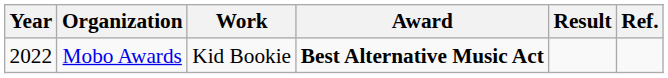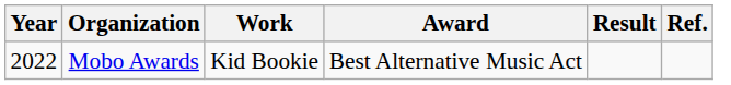 <table class="wikitable plainrowheaders" style="text-align:center;">
 <tr>
 <th>Year</th>
 <th>Organization</th>
 <th>Work</th>
 <th>Award</th>
 <th>Result</th>
 <th>Ref.</th>
 </tr>
 <tr>
 <td rowspan=2>2022</td>
 <td rowspan=2><a href='#'>Mobo Awards</a></td>
 <td rowspan=2>Kid Bookie</td>
-<td><strong>Best Alternative Music Act</strong></td>
+<td>Best Alternative Music Act</td>
 <td></td>
 <td rowspan=2></td>
 </tr>
 </table>
